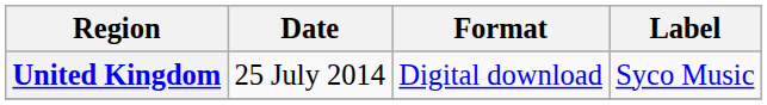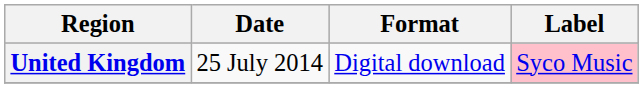 <table class="wikitable sortable plainrowheaders" style="text-align:center">
 <tr>
 <th>Region</th>
 <th>Date</th>
 <th>Format</th>
 <th>Label</th>
 </tr>
 <tr>
 <th scope="row"><a href='#'>United Kingdom</a></th>
 <td>25 July 2014</td>
 <td><a href='#'>Digital download</a></td>
-<td><a href='#'>Syco Music</a></td>
+<td style="background: pink;"><a href='#'>Syco Music</a></td>
 </tr>
 <tr>
 </tr>
 </table>
